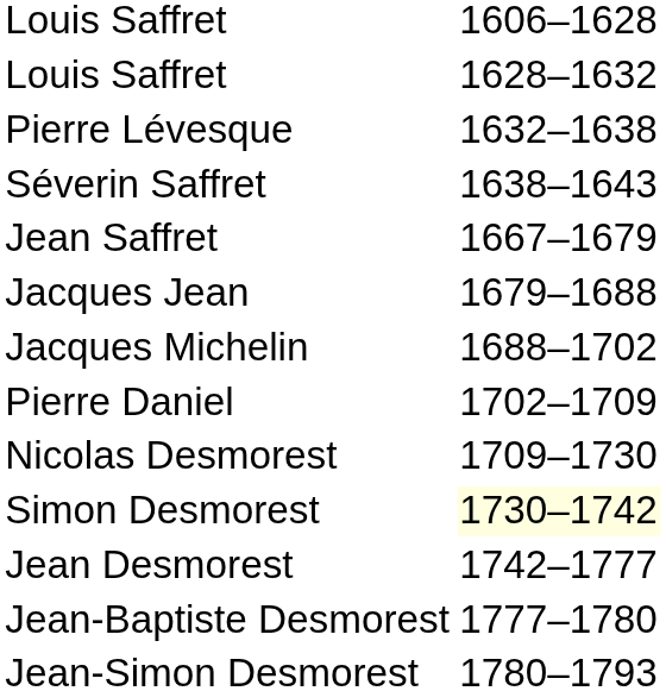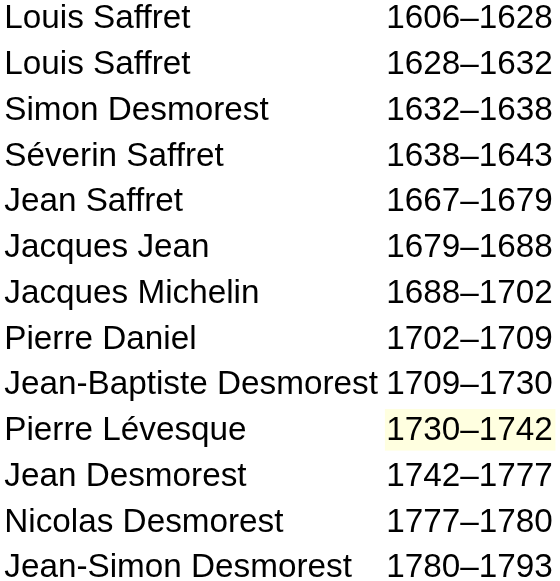 <table>
 <tr>
 <td>Louis Saffret</td>
 <td>1606–1628</td>
 </tr>
 <tr>
 <td>Louis Saffret</td>
 <td>1628–1632</td>
 </tr>
 <tr>
-<td>Pierre Lévesque</td>
+<td>Simon Desmorest</td>
 <td>1632–1638</td>
 </tr>
 <tr>
 <td>Séverin Saffret</td>
 <td>1638–1643</td>
 </tr>
 <tr>
 <td>Jean Saffret</td>
 <td>1667–1679</td>
 </tr>
 <tr>
 <td>Jacques Jean</td>
 <td>1679–1688</td>
 </tr>
 <tr>
 <td>Jacques Michelin</td>
 <td>1688–1702</td>
 </tr>
 <tr>
 <td>Pierre Daniel</td>
 <td>1702–1709</td>
 </tr>
 <tr>
-<td>Nicolas Desmorest</td>
+<td>Jean-Baptiste Desmorest</td>
 <td>1709–1730</td>
 </tr>
 <tr>
-<td>Simon Desmorest</td>
+<td>Pierre Lévesque</td>
 <td style="background: lightyellow;">1730–1742</td>
 </tr>
 <tr>
 <td>Jean Desmorest</td>
 <td>1742–1777</td>
 </tr>
 <tr>
-<td>Jean-Baptiste Desmorest</td>
+<td>Nicolas Desmorest</td>
 <td>1777–1780</td>
 </tr>
 <tr>
 <td>Jean-Simon Desmorest</td>
 <td>1780–1793</td>
 </tr>
 </table>
